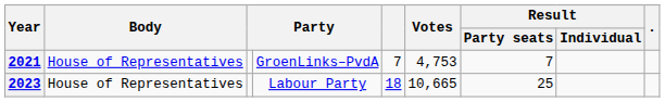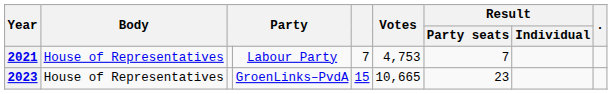 <table class="wikitable plainrowheaders sortable" border=2 cellpadding=4 cellspacing=0 style="border: 1px #aaa solid; font-size: 90%; text-align:center;">
 <tr>
 <th scope="col" rowspan=2>Year</th>
 <th scope="col" rowspan=2>Body</th>
 <th scope="col" colspan=2 rowspan=2>Party</th>
 <th scope="col" rowspan=2></th>
 <th scope="col" rowspan=2>Votes</th>
 <th scope="colgroup" colspan=2>Result</th>
 <th scope="col" rowspan=2 class="unsortable">.</th>
 </tr>
 <tr>
 <th scope="col">Party seats</th>
 <th scope="col">Individual</th>
 </tr>
 <tr>
 <th scope="row"><a href='#'>2021</a></th>
 <td><a href='#'>House of Representatives</a></td>
 <td style="background-color:"></td>
-<td><a href='#'>GroenLinks–PvdA</a></td>
+<td><a href='#'>Labour Party</a></td>
 <td style=text-align:right>7</td>
 <td style=text-align:right>4,753</td>
 <td style=text-align:right>7</td>
 <td></td>
 <td></td>
 </tr>
 <tr>
 <th scope="row"><a href='#'>2023</a></th>
 <td>House of Representatives</td>
 <td style="background-color:"></td>
-<td><a href='#'>Labour Party</a></td>
-<td style=text-align:right><a href='#'>18</a></td>
+<td><a href='#'>GroenLinks–PvdA</a></td>
+<td style=text-align:right><a href='#'>15</a></td>
 <td style=text-align:right>10,665</td>
-<td style=text-align:right>25</td>
+<td style=text-align:right>23</td>
 <td></td>
 <td></td>
 </tr>
 </table>
